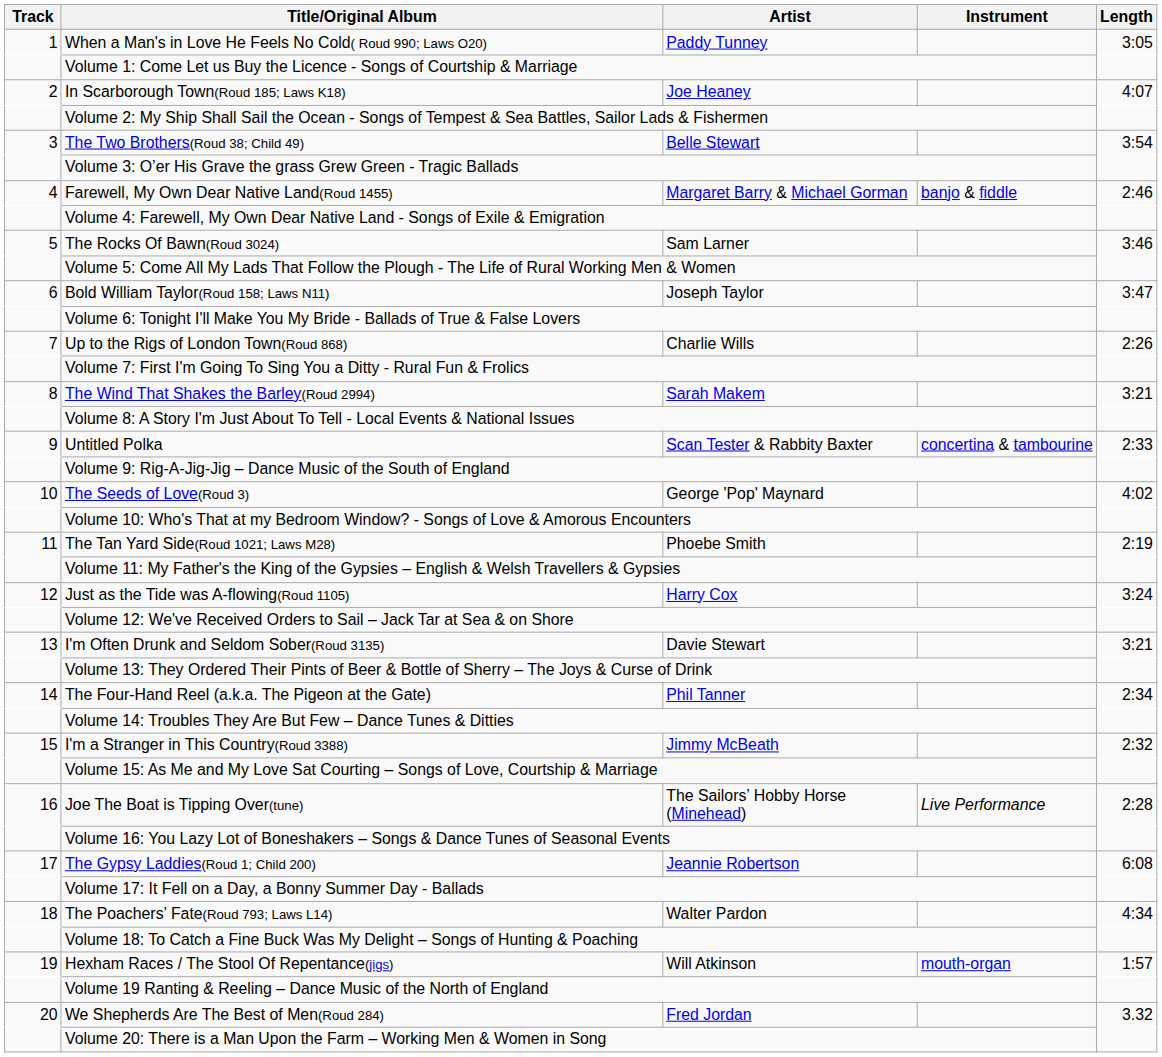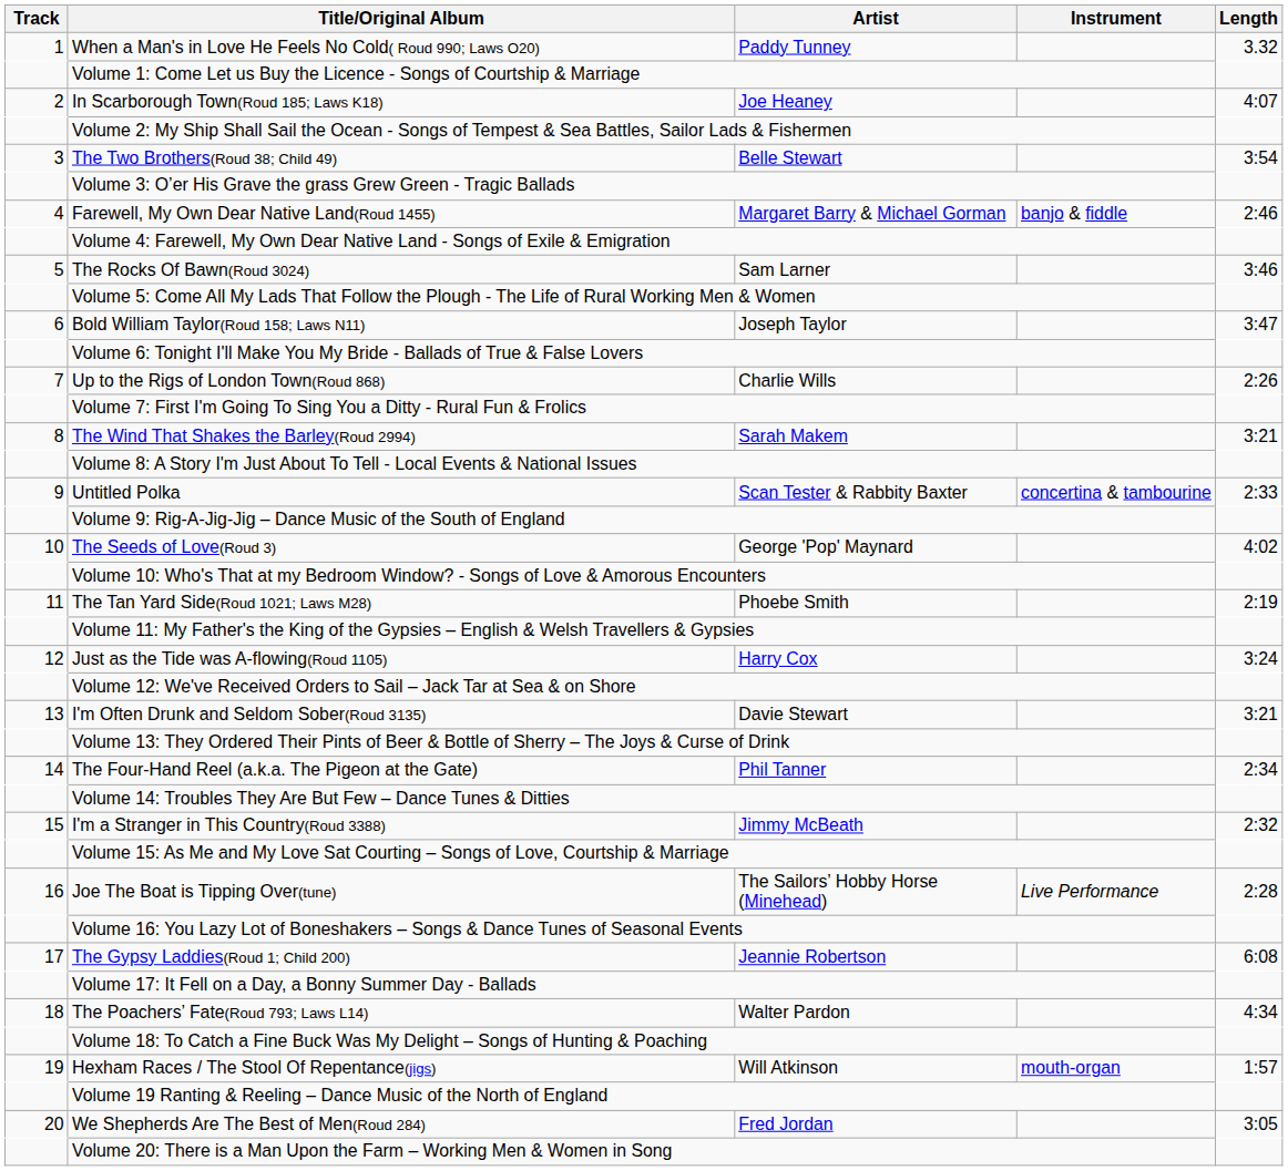 <table class="wikitable">
 <tr>
 <th style="width:  50px">Track</th>
 <th style="width: 600px">Title/Original Album</th>
 <th style="width: 250px">Artist</th>
 <th style=="width: 100px">Instrument</th>
 <th style="width:  50px">Length</th>
 </tr>
 <tr>
 <td style="text-align: right;border-bottom: 1px solid white;">1</td>
 <td>When a Man's in Love He Feels No Cold<small>( Roud 990; Laws O20)</small></td>
 <td><a href='#'>Paddy Tunney</a></td>
 <td></td>
-<td style="text-align: right;border-bottom: 1px solid white;">3:05</td>
+<td style="text-align: right;border-bottom: 1px solid white;">3.32</td>
 </tr>
 <tr>
 <td></td>
 <td colspan = "3">Volume 1: Come Let us Buy the Licence - Songs of Courtship & Marriage</td>
 <td></td>
 </tr>
 <tr>
 <td style="text-align: right;border-bottom: 1px solid white;">2</td>
 <td>In Scarborough Town<small>(Roud 185; Laws K18)</small></td>
 <td><a href='#'>Joe Heaney</a></td>
 <td></td>
 <td style="text-align: right;border-bottom: 1px solid white;">4:07</td>
 </tr>
 <tr>
 <td></td>
 <td colspan = "3">Volume 2: My Ship Shall Sail the Ocean - Songs of Tempest & Sea Battles, Sailor Lads & Fishermen</td>
 <td></td>
 </tr>
 <tr>
 <td style="text-align: right;border-bottom: 1px solid white;">3</td>
 <td><a href='#'>The Two Brothers</a><small>(Roud 38; Child 49)</small></td>
 <td><a href='#'>Belle Stewart</a></td>
 <td></td>
 <td style="text-align: right;border-bottom: 1px solid white;">3:54</td>
 </tr>
 <tr>
 <td></td>
 <td colspan = "3">Volume 3: O’er His Grave the grass Grew Green - Tragic Ballads</td>
 <td></td>
 </tr>
 <tr>
 <td style="text-align: right;border-bottom: 1px solid white;">4</td>
 <td>Farewell, My Own Dear Native Land<small>(Roud 1455)</small></td>
 <td><a href='#'>Margaret Barry</a> & <a href='#'>Michael Gorman</a></td>
 <td><a href='#'>banjo</a> & <a href='#'>fiddle</a></td>
 <td style="text-align: right;border-bottom: 1px solid white;">2:46</td>
 </tr>
 <tr>
 <td></td>
 <td colspan = "3">Volume 4: Farewell, My Own Dear Native Land - Songs of Exile & Emigration</td>
 <td></td>
 </tr>
 <tr>
 <td style="text-align: right;border-bottom: 1px solid white;">5</td>
 <td>The Rocks Of Bawn<small>(Roud 3024)</small></td>
 <td>Sam Larner</td>
 <td></td>
 <td style="text-align: right;border-bottom: 1px solid white;">3:46</td>
 </tr>
 <tr>
 <td></td>
 <td colspan = "3">Volume 5: Come All My Lads That Follow the Plough - The Life of Rural Working Men & Women</td>
 <td></td>
 </tr>
 <tr>
 <td style="text-align: right;border-bottom: 1px solid white;">6</td>
 <td>Bold William Taylor<small>(Roud 158; Laws N11)</small></td>
 <td>Joseph Taylor</td>
 <td></td>
 <td style="text-align: right;border-bottom: 1px solid white;">3:47</td>
 </tr>
 <tr>
 <td></td>
 <td colspan = "3">Volume 6: Tonight I'll Make You My Bride - Ballads of True & False Lovers</td>
 <td></td>
 </tr>
 <tr>
 <td style="text-align: right;border-bottom: 1px solid white;">7</td>
 <td>Up to the Rigs of London Town<small>(Roud 868)</small></td>
 <td>Charlie Wills</td>
 <td></td>
 <td style="text-align: right;border-bottom: 1px solid white;">2:26</td>
 </tr>
 <tr>
 <td></td>
 <td colspan = "3">Volume 7: First I'm Going To Sing You a Ditty - Rural Fun & Frolics</td>
 <td></td>
 </tr>
 <tr>
 <td style="text-align: right;border-bottom: 1px solid white;">8</td>
 <td><a href='#'>The Wind That Shakes the Barley</a><small>(Roud 2994)</small></td>
 <td><a href='#'>Sarah Makem</a></td>
 <td></td>
 <td style="text-align: right;border-bottom: 1px solid white;">3:21</td>
 </tr>
 <tr>
 <td></td>
 <td colspan = "3">Volume 8: A Story I'm Just About To Tell - Local Events & National Issues</td>
 <td></td>
 </tr>
 <tr>
 <td style="text-align: right;border-bottom: 1px solid white;">9</td>
 <td>Untitled Polka</td>
 <td><a href='#'>Scan Tester</a> & Rabbity Baxter</td>
 <td><a href='#'>concertina</a> & <a href='#'>tambourine</a></td>
 <td style="text-align: right;border-bottom: 1px solid white;">2:33</td>
 </tr>
 <tr>
 <td></td>
 <td colspan = "3">Volume 9: Rig-A-Jig-Jig – Dance Music of the South of England</td>
 <td></td>
 </tr>
 <tr>
 <td style="text-align: right;border-bottom: 1px solid white;">10</td>
 <td><a href='#'>The Seeds of Love</a><small>(Roud 3)</small></td>
 <td>George 'Pop' Maynard</td>
 <td></td>
 <td style="text-align: right;border-bottom: 1px solid white;">4:02</td>
 </tr>
 <tr>
 <td></td>
 <td colspan = "3">Volume 10: Who's That at my Bedroom Window? - Songs of Love & Amorous Encounters</td>
 <td></td>
 </tr>
 <tr>
 <td style="text-align: right;border-bottom: 1px solid white;">11</td>
 <td>The Tan Yard Side<small>(Roud 1021; Laws M28)</small></td>
 <td>Phoebe Smith</td>
 <td></td>
 <td style="text-align: right;border-bottom: 1px solid white;">2:19</td>
 </tr>
 <tr>
 <td></td>
 <td colspan = "3">Volume 11: My Father's the King of the Gypsies – English & Welsh Travellers & Gypsies</td>
 <td></td>
 </tr>
 <tr>
 <td style="text-align: right;border-bottom: 1px solid white;">12</td>
 <td>Just as the Tide was A-flowing<small>(Roud 1105)</small></td>
 <td><a href='#'>Harry Cox</a></td>
 <td></td>
 <td style="text-align: right;border-bottom: 1px solid white;">3:24</td>
 </tr>
 <tr>
 <td></td>
 <td colspan = "3">Volume 12: We've Received Orders to Sail – Jack Tar at Sea & on Shore</td>
 <td></td>
 </tr>
 <tr>
 <td style="text-align: right;border-bottom: 1px solid white;">13</td>
 <td>I'm Often Drunk and Seldom Sober<small>(Roud 3135)</small></td>
 <td>Davie Stewart</td>
 <td></td>
 <td style="text-align: right;border-bottom: 1px solid white;">3:21</td>
 </tr>
 <tr>
 <td></td>
 <td colspan = "3">Volume 13: They Ordered Their Pints of Beer & Bottle of Sherry – The Joys & Curse of Drink</td>
 <td></td>
 </tr>
 <tr>
 <td style="text-align: right;border-bottom: 1px solid white;">14</td>
 <td>The Four-Hand Reel (a.k.a. The Pigeon at the Gate)</td>
 <td><a href='#'>Phil Tanner</a></td>
 <td></td>
 <td style="text-align: right;border-bottom: 1px solid white;">2:34</td>
 </tr>
 <tr>
 <td></td>
 <td colspan = "3">Volume 14: Troubles They Are But Few – Dance Tunes & Ditties</td>
 <td></td>
 </tr>
 <tr>
 <td style="text-align: right;border-bottom: 1px solid white;">15</td>
 <td>I'm a Stranger in This Country<small>(Roud 3388)</small></td>
 <td><a href='#'>Jimmy McBeath</a></td>
 <td></td>
 <td style="text-align: right;border-bottom: 1px solid white;">2:32</td>
 </tr>
 <tr>
 <td></td>
 <td colspan = "3">Volume 15: As Me and My Love Sat Courting – Songs of Love, Courtship & Marriage</td>
 <td></td>
 </tr>
 <tr>
 <td style="text-align: right;border-bottom: 1px solid white;">16</td>
 <td>Joe The Boat is Tipping Over<small>(tune)</small></td>
 <td>The Sailors’ Hobby Horse (<a href='#'>Minehead</a>)</td>
 <td><em>Live Performance</em></td>
 <td style="text-align: right;border-bottom: 1px solid white;">2:28</td>
 </tr>
 <tr>
 <td></td>
 <td colspan = "3">Volume 16: You Lazy Lot of Boneshakers – Songs & Dance Tunes of Seasonal Events</td>
 <td></td>
 </tr>
 <tr>
 <td style="text-align: right;border-bottom: 1px solid white;">17</td>
 <td><a href='#'>The Gypsy Laddies</a><small>(Roud 1; Child 200)</small></td>
 <td><a href='#'>Jeannie Robertson</a></td>
 <td></td>
 <td style="text-align: right;border-bottom: 1px solid white;">6:08</td>
 </tr>
 <tr>
 <td></td>
 <td colspan = "3">Volume 17: It Fell on a Day, a Bonny Summer Day - Ballads</td>
 <td></td>
 </tr>
 <tr>
 <td style="text-align: right;border-bottom: 1px solid white;">18</td>
 <td>The Poachers’ Fate<small>(Roud 793; Laws L14)</small></td>
 <td>Walter Pardon</td>
 <td></td>
 <td style="text-align: right;border-bottom: 1px solid white;">4:34</td>
 </tr>
 <tr>
 <td></td>
 <td colspan = "3">Volume 18: To Catch a Fine Buck Was My Delight – Songs of Hunting & Poaching</td>
 <td></td>
 </tr>
 <tr>
 <td style="text-align: right;border-bottom: 1px solid white;">19</td>
 <td>Hexham Races / The Stool Of Repentance<small>(<a href='#'>jigs</a>)</small></td>
 <td>Will Atkinson</td>
 <td><a href='#'>mouth-organ</a></td>
 <td style="text-align: right;border-bottom: 1px solid white;">1:57</td>
 </tr>
 <tr>
 <td></td>
 <td colspan = "3">Volume 19 Ranting & Reeling – Dance Music of the North of England</td>
 <td></td>
 </tr>
 <tr>
 <td style="text-align: right;border-bottom: 1px solid white;">20</td>
 <td>We Shepherds Are The Best of Men<small>(Roud 284)</small></td>
 <td><a href='#'>Fred Jordan</a></td>
 <td></td>
-<td style="text-align: right;border-bottom: 1px solid white;">3.32</td>
+<td style="text-align: right;border-bottom: 1px solid white;">3:05</td>
 </tr>
 <tr>
 <td></td>
 <td colspan = "3">Volume 20: There is a Man Upon the Farm – Working Men & Women in Song</td>
 <td></td>
 </tr>
 </table>
